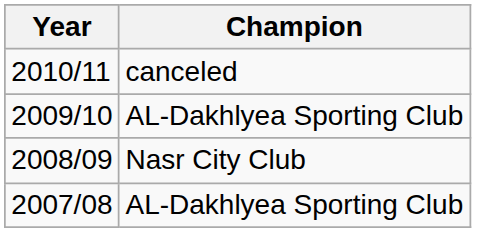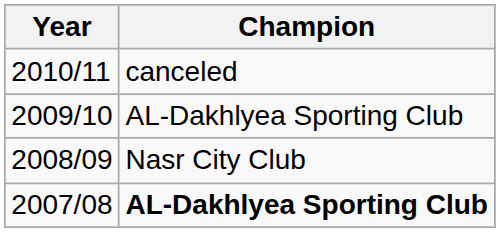 <table class="wikitable">
 <tr>
 <th>Year</th>
 <th>Champion</th>
 </tr>
 <tr>
 <td>2010/11</td>
 <td>canceled</td>
 </tr>
 <tr>
 <td>2009/10</td>
 <td>AL-Dakhlyea Sporting Club</td>
 </tr>
 <tr>
 <td>2008/09</td>
 <td>Nasr City Club</td>
 </tr>
 <tr>
 <td>2007/08</td>
-<td>AL-Dakhlyea Sporting Club</td>
+<td><strong>AL-Dakhlyea Sporting Club</strong></td>
 </tr>
 </table>
